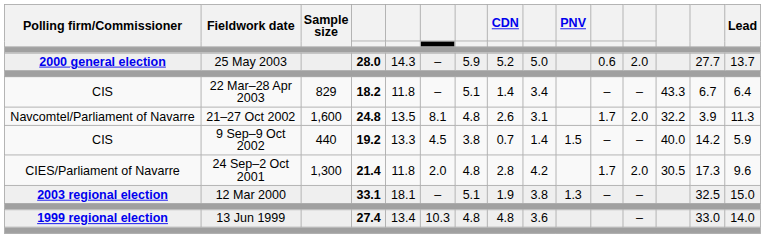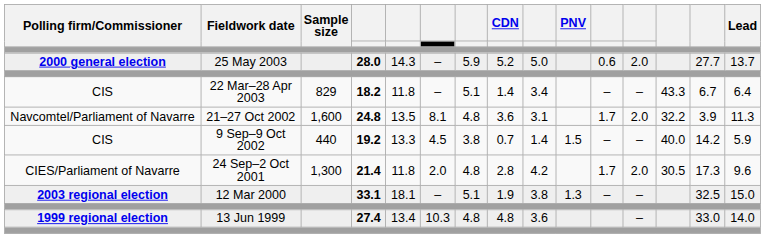 <table class="wikitable collapsible collapsed" style="text-align:center; font-size:90%; line-height:14px;">
 <tr style="height:42px;">
 <th style="width:250px;" rowspan="2">Polling firm/Commissioner</th>
 <th style="width:125px;" rowspan="2">Fieldwork date</th>
 <th style="width:50px;" rowspan="2">Sample size</th>
 <th style="width:35px;"></th>
 <th style="width:35px;"></th>
 <th style="width:35px;"><br></th>
 <th style="width:35px;"></th>
 <th style="width:35px;"><a href='#'>CDN</a></th>
 <th style="width:35px;"></th>
 <th style="width:35px;"><a href='#'>PNV</a></th>
 <th style="width:35px;"></th>
 <th style="width:35px;"></th>
 <th style="width:35px;" rowspan="2"></th>
 <th style="width:35px;" rowspan="2"></th>
 <th style="width:30px;" rowspan="2">Lead</th>
 </tr>
 <tr>
 <th style="color:inherit;background:"></th>
 <th style="color:inherit;background:"></th>
 <th style="color:inherit;background:black;"></th>
 <th style="color:inherit;background:"></th>
 <th style="color:inherit;background:"></th>
 <th style="color:inherit;background:"></th>
 <th style="color:inherit;background:"></th>
 <th style="color:inherit;background:"></th>
 <th style="color:inherit;background:"></th>
 </tr>
 <tr>
 <td colspan="15" style="background:#A0A0A0"></td>
 </tr>
 <tr style="background:#EFEFEF;">
 <td><strong><a href='#'>2000 general election</a></strong></td>
 <td>25 May 2003</td>
 <td></td>
 <td><strong>28.0</strong></td>
 <td>14.3</td>
 <td>–</td>
 <td>5.9</td>
 <td>5.2</td>
 <td>5.0</td>
 <td></td>
 <td>0.6</td>
 <td>2.0</td>
 <td></td>
 <td>27.7</td>
 <td style="background:">13.7</td>
 </tr>
 <tr>
 <td colspan="15" style="background:#A0A0A0"></td>
 </tr>
 <tr>
 <td>CIS</td>
 <td>22 Mar–28 Apr 2003</td>
 <td>829</td>
 <td><strong>18.2</strong></td>
 <td>11.8</td>
 <td>–</td>
 <td>5.1</td>
 <td>1.4</td>
 <td>3.4</td>
 <td></td>
 <td>–</td>
 <td>–</td>
 <td>43.3</td>
 <td>6.7</td>
 <td style="background:">6.4</td>
 </tr>
 <tr>
 <td>Navcomtel/Parliament of Navarre</td>
 <td>21–27 Oct 2002</td>
 <td>1,600</td>
 <td><strong>24.8</strong></td>
 <td>13.5</td>
 <td>8.1</td>
 <td>4.8</td>
-<td>2.6</td>
+<td>3.6</td>
 <td>3.1</td>
 <td></td>
 <td>1.7</td>
 <td>2.0</td>
 <td>32.2</td>
 <td>3.9</td>
 <td style="background:">11.3</td>
 </tr>
 <tr>
 <td>CIS</td>
 <td>9 Sep–9 Oct 2002</td>
 <td>440</td>
 <td><strong>19.2</strong></td>
 <td>13.3</td>
 <td>4.5</td>
 <td>3.8</td>
 <td>0.7</td>
 <td>1.4</td>
 <td>1.5</td>
 <td>–</td>
 <td>–</td>
 <td>40.0</td>
 <td>14.2</td>
 <td style="background:">5.9</td>
 </tr>
 <tr>
 <td>CIES/Parliament of Navarre</td>
 <td>24 Sep–2 Oct 2001</td>
 <td>1,300</td>
 <td><strong>21.4</strong></td>
 <td>11.8</td>
 <td>2.0</td>
 <td>4.8</td>
 <td>2.8</td>
 <td>4.2</td>
 <td></td>
 <td>1.7</td>
 <td>2.0</td>
 <td>30.5</td>
 <td>17.3</td>
 <td style="background:">9.6</td>
 </tr>
 <tr style="background:#EFEFEF;">
 <td><strong><a href='#'>2003 regional election</a></strong></td>
 <td>12 Mar 2000</td>
 <td></td>
 <td><strong>33.1</strong></td>
 <td>18.1</td>
 <td>–</td>
 <td>5.1</td>
 <td>1.9</td>
 <td>3.8</td>
 <td>1.3</td>
 <td>–</td>
 <td>–</td>
 <td></td>
 <td>32.5</td>
 <td style="background:">15.0</td>
 </tr>
 <tr>
 <td colspan="15" style="background:#A0A0A0"></td>
 </tr>
 <tr style="background:#EFEFEF;">
 <td><strong><a href='#'>1999 regional election</a></strong></td>
 <td>13 Jun 1999</td>
 <td></td>
 <td><strong>27.4</strong></td>
 <td>13.4</td>
 <td>10.3</td>
 <td>4.8</td>
 <td>4.8</td>
 <td>3.6</td>
 <td></td>
 <td></td>
 <td>–</td>
 <td></td>
 <td>33.0</td>
 <td style="background:">14.0</td>
 </tr>
 <tr>
 <td colspan="15" style="background:#A0A0A0"></td>
 </tr>
 </table>
